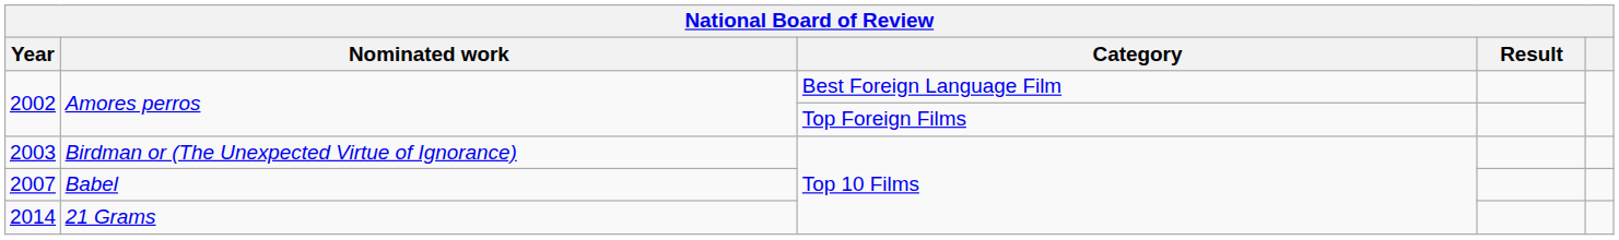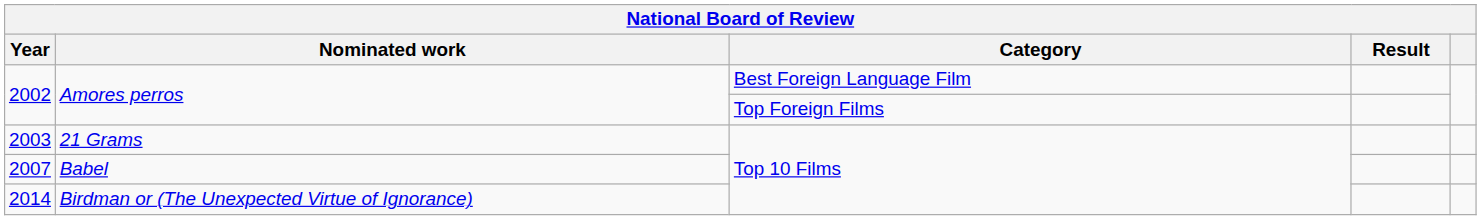 <table class="wikitable">
 <tr>
 <th colspan="5" style="text-align:center;"><a href='#'>National Board of Review</a></th>
 </tr>
 <tr>
 <th scope="col" style="width:1em;">Year</th>
 <th scope="col" style="width:39em;">Nominated work</th>
 <th scope="col" style="width:36em;">Category</th>
 <th scope="col" style="width:5em;">Result</th>
 <th scope="col" style="width:1em;"></th>
 </tr>
 <tr>
 <td rowspan="2"><a href='#'>2002</a></td>
 <td rowspan="2"><em><a href='#'>Amores perros</a></em></td>
 <td><a href='#'>Best Foreign Language Film</a></td>
 <td></td>
 <td style="text-align:center;" rowspan="2"></td>
 </tr>
 <tr>
 <td><a href='#'>Top Foreign Films</a></td>
 <td></td>
 </tr>
 <tr>
 <td><a href='#'>2003</a></td>
-<td><em><a href='#'>Birdman or (The Unexpected Virtue of Ignorance)</a></em></td>
+<td><em><a href='#'>21 Grams</a></em></td>
 <td rowspan="3"><a href='#'>Top 10 Films</a></td>
 <td></td>
 <td style="text-align:center;"></td>
 </tr>
 <tr>
 <td><a href='#'>2007</a></td>
 <td><em><a href='#'>Babel</a></em></td>
 <td></td>
 <td style="text-align:center;"></td>
 </tr>
 <tr>
 <td><a href='#'>2014</a></td>
-<td><em><a href='#'>21 Grams</a></em></td>
+<td><em><a href='#'>Birdman or (The Unexpected Virtue of Ignorance)</a></em></td>
 <td></td>
 <td style="text-align:center;"></td>
 </tr>
 </table>
